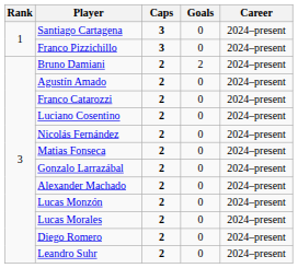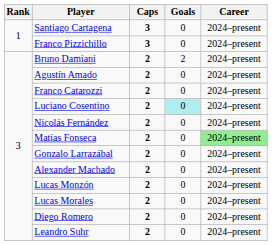 <table class="wikitable sortable" style="text-align:center;">
 <tr>
 <th width=30px>Rank</th>
 <th style="width:150px;">Player</th>
 <th width=50px>Caps</th>
 <th width=50px>Goals</th>
 <th style="width:100px;">Career</th>
 </tr>
 <tr>
 <td rowspan=2>1</td>
 <td align=left><a href='#'>Santiago Cartagena</a></td>
 <td><strong>3</strong></td>
 <td>0</td>
 <td>2024–present</td>
 </tr>
 <tr>
 <td align=left><a href='#'>Franco Pizzichillo</a></td>
 <td><strong>3</strong></td>
 <td>0</td>
 <td>2024–present</td>
 </tr>
 <tr>
 <td rowspan=12>3</td>
 <td align=left><a href='#'>Bruno Damiani</a></td>
 <td><strong>2</strong></td>
 <td>2</td>
 <td>2024–present</td>
 </tr>
 <tr>
 <td align=left><a href='#'>Agustín Amado</a></td>
 <td><strong>2</strong></td>
 <td>0</td>
 <td>2024–present</td>
 </tr>
 <tr>
 <td align=left><a href='#'>Franco Catarozzi</a></td>
 <td><strong>2</strong></td>
 <td>0</td>
 <td>2024–present</td>
 </tr>
 <tr>
 <td align=left><a href='#'>Luciano Cosentino</a></td>
 <td><strong>2</strong></td>
-<td>0</td>
+<td style="background: paleturquoise;">0</td>
 <td>2024–present</td>
 </tr>
 <tr>
 <td align=left><a href='#'>Nicolás Fernández</a></td>
 <td><strong>2</strong></td>
 <td>0</td>
 <td>2024–present</td>
 </tr>
 <tr>
 <td align=left><a href='#'>Matias Fonseca</a></td>
 <td><strong>2</strong></td>
 <td>0</td>
-<td>2024–present</td>
+<td style="background: lightgreen;">2024–present</td>
 </tr>
 <tr>
 <td align=left><a href='#'>Gonzalo Larrazábal</a></td>
 <td><strong>2</strong></td>
 <td>0</td>
 <td>2024–present</td>
 </tr>
 <tr>
 <td align=left><a href='#'>Alexander Machado</a></td>
 <td><strong>2</strong></td>
 <td>0</td>
 <td>2024–present</td>
 </tr>
 <tr>
 <td align=left><a href='#'>Lucas Monzón</a></td>
 <td><strong>2</strong></td>
 <td>0</td>
 <td>2024–present</td>
 </tr>
 <tr>
 <td align=left><a href='#'>Lucas Morales</a></td>
 <td><strong>2</strong></td>
 <td>0</td>
 <td>2024–present</td>
 </tr>
 <tr>
 <td align=left><a href='#'>Diego Romero</a></td>
 <td><strong>2</strong></td>
 <td>0</td>
 <td>2024–present</td>
 </tr>
 <tr>
 <td align=left><a href='#'>Leandro Suhr</a></td>
 <td><strong>2</strong></td>
 <td>0</td>
 <td>2024–present</td>
 </tr>
 </table>
